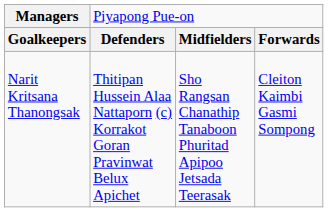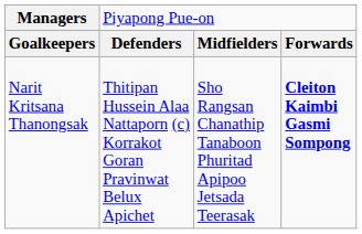 <table class="wikitable">
 <tr>
 <th>Managers</th>
 <td colspan=3> <a href='#'>Piyapong Pue-on</a></td>
 </tr>
 <tr>
 <th>Goalkeepers</th>
 <th>Defenders</th>
 <th>Midfielders</th>
 <th>Forwards</th>
 </tr>
 <tr>
 <td align=left valign=top><br> <a href='#'>Narit</a>  <br>  <a href='#'>Kritsana</a>  <br>  <a href='#'>Thanongsak</a>  <br></td>
 <td align=left valign=top><br> <a href='#'>Thitipan</a>  <br>  <a href='#'>Hussein Alaa</a>  <br>  <a href='#'>Nattaporn</a> <a href='#'>(c)</a>  <br>  <a href='#'>Korrakot</a>  <br>  <a href='#'>Goran</a>  <br>  <a href='#'>Pravinwat</a>  <br>  <a href='#'>Belux</a>  <br>  <a href='#'>Apichet</a>  <br></td>
 <td align=left valign=top><br> <a href='#'>Sho</a>  <br>  <a href='#'>Rangsan</a>  <br>  <a href='#'>Chanathip</a>  <br>  <a href='#'>Tanaboon</a>  <br>  <a href='#'>Phuritad</a>  <br>  <a href='#'>Apipoo</a>  <br>  <a href='#'>Jetsada</a>  <br>  <a href='#'>Teerasak</a> </td>
-<td align=left valign=top><br> <a href='#'>Cleiton</a>  <br>  <a href='#'>Kaimbi</a>  <br>  <a href='#'>Gasmi</a> <br>  <a href='#'>Sompong</a>  <br></td>
+<td align=left valign=top><strong><br> <a href='#'>Cleiton</a>  <br>  <a href='#'>Kaimbi</a>  <br>  <a href='#'>Gasmi</a> <br>  <a href='#'>Sompong</a>  <br></strong></td>
 </tr>
 </table>
